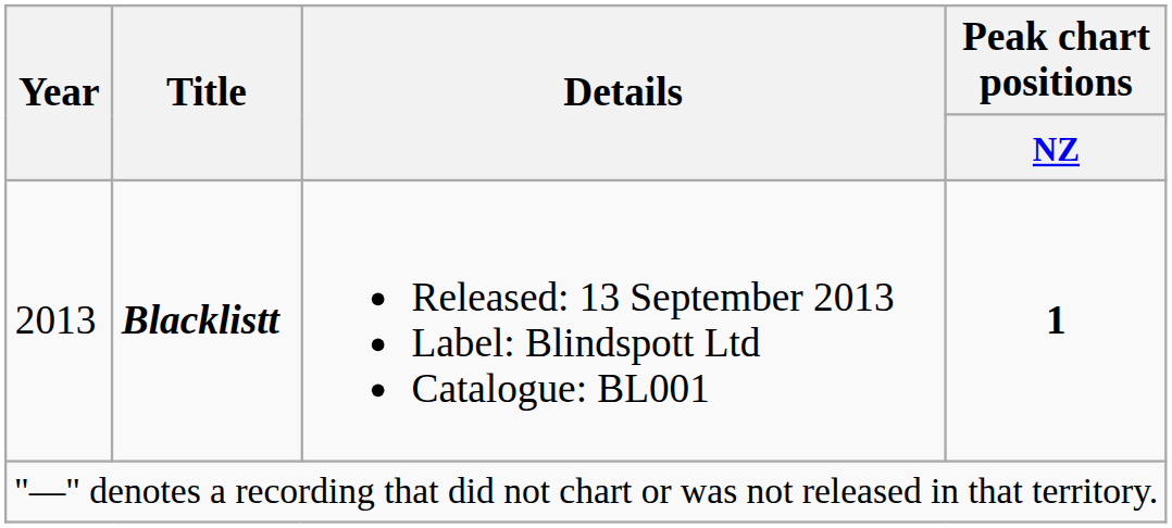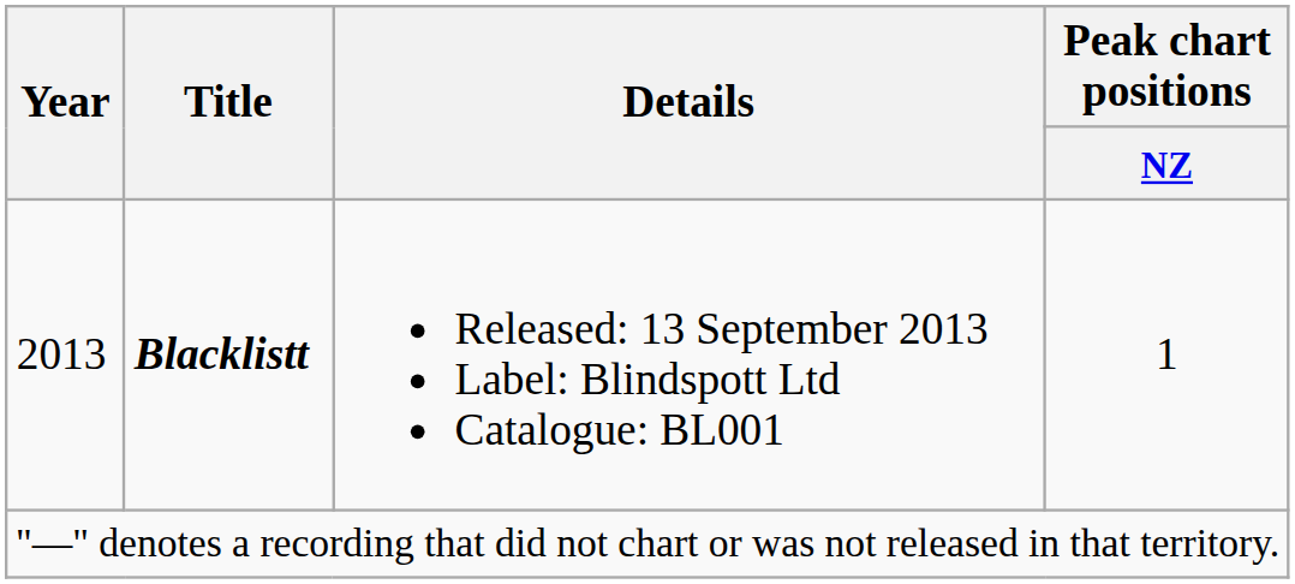 <table class="wikitable plainrowheaders">
 <tr>
 <th rowspan="2">Year</th>
 <th rowspan="2">Title</th>
 <th rowspan="2">Details</th>
 <th>Peak chart<br>positions</th>
 </tr>
 <tr>
 <th><small><a href='#'>NZ</a></small></th>
 </tr>
 <tr>
 <td>2013</td>
 <td><strong><em>Blacklistt</em></strong></td>
 <td><br><ul><li>Released: 13 September 2013</li><li>Label: Blindspott Ltd</li><li>Catalogue: BL001</li></ul></td>
-<td align="center"><strong>1</strong></td>
+<td align="center">1</td>
 </tr>
 <tr>
 <td colspan="5" style="font-size:90%" align="center">"—" denotes a recording that did not chart or was not released in that territory.</td>
 </tr>
 </table>
